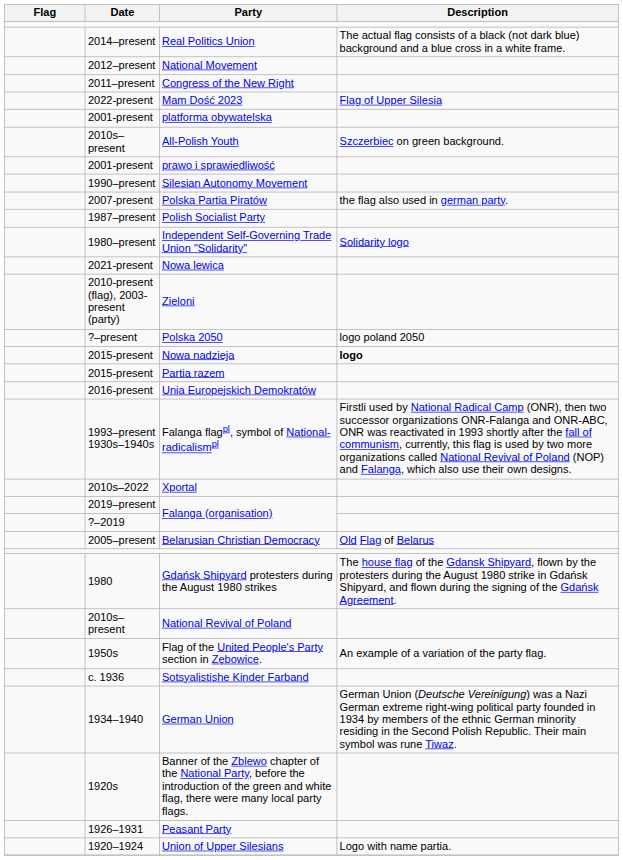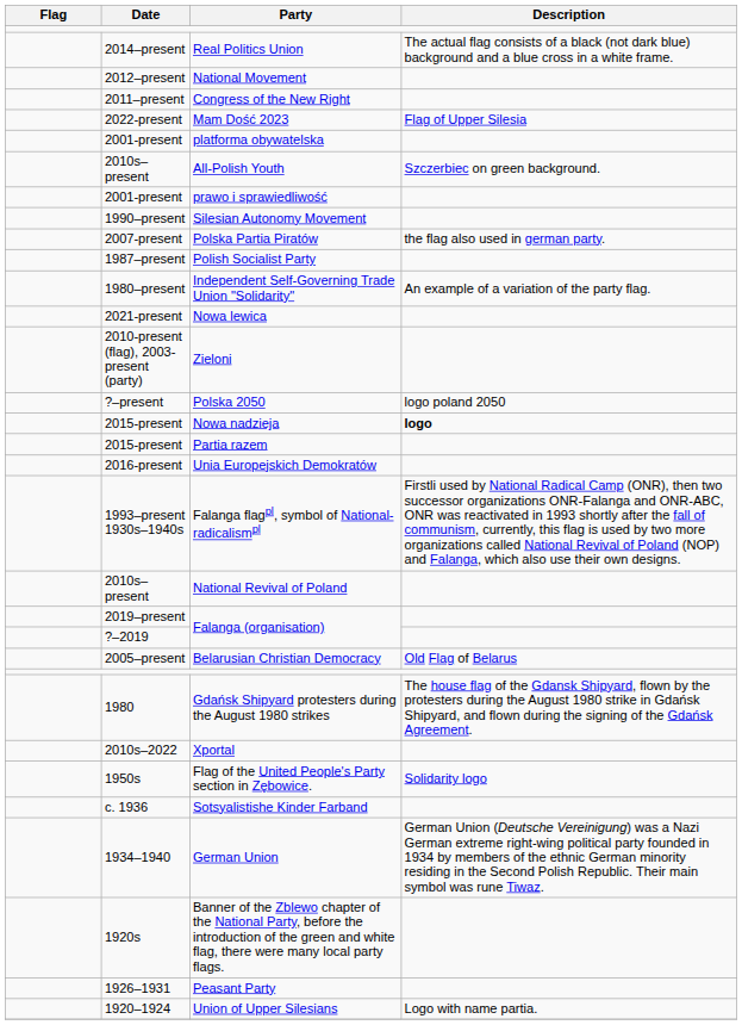 <table class="wikitable" style="background:#f9f9f9">
 <tr>
 <th style="width:110px">Flag</th>
 <th style="width:100px">Date</th>
 <th style="width:250px">Party</th>
 <th style="width:400px">Description</th>
 </tr>
 <tr>
 <td colspan="4"></td>
 </tr>
 <tr>
 <td></td>
 <td>2014–present</td>
 <td><a href='#'>Real Politics Union</a></td>
 <td>The actual flag consists of a black (not dark blue) background and a blue cross in a white frame.</td>
 </tr>
 <tr>
 <td><br></td>
 <td>2012–present</td>
 <td><a href='#'>National Movement</a></td>
 <td></td>
 </tr>
 <tr>
 <td></td>
 <td>2011–present</td>
 <td><a href='#'>Congress of the New Right</a></td>
 <td></td>
 </tr>
 <tr>
 <td></td>
 <td>2022-present</td>
 <td><a href='#'>Mam Dość 2023</a></td>
 <td><a href='#'>Flag of Upper Silesia</a></td>
 </tr>
 <tr>
 <td></td>
 <td>2001-present</td>
 <td><a href='#'>platforma obywatelska</a></td>
 </tr>
 <tr>
 <td></td>
 <td>2010s–present</td>
 <td><a href='#'>All-Polish Youth</a></td>
 <td> <a href='#'>Szczerbiec</a> on green background.</td>
 </tr>
 <tr>
 <td></td>
 <td>2001-present</td>
 <td><a href='#'>prawo i sprawiedliwość</a></td>
 <td></td>
 </tr>
 <tr>
 <td></td>
 <td>1990–present</td>
 <td><a href='#'>Silesian Autonomy Movement</a></td>
 <td></td>
 </tr>
 <tr>
 <td></td>
 <td>2007-present</td>
 <td><a href='#'>Polska Partia Piratów</a></td>
 <td>the flag also used in <a href='#'>german party</a>.</td>
 </tr>
 <tr>
 <td></td>
 <td>1987–present</td>
 <td><a href='#'>Polish Socialist Party</a></td>
 <td></td>
 </tr>
 <tr>
 <td></td>
 <td>1980–present</td>
 <td><a href='#'>Independent  Self-Governing Trade Union "Solidarity"</a></td>
-<td><a href='#'>Solidarity logo</a></td>
+<td>An example of a variation of the party flag.</td>
 </tr>
 <tr>
 <td></td>
 <td>2021-present</td>
 <td><a href='#'>Nowa lewica</a></td>
 <td></td>
 </tr>
 <tr>
 <td></td>
 <td>2010-present (flag), 2003-present (party)</td>
 <td><a href='#'>Zieloni</a></td>
 <td></td>
 </tr>
 <tr>
 <td></td>
 <td>?–present</td>
 <td><a href='#'>Polska 2050</a></td>
 <td>logo poland 2050</td>
 </tr>
 <tr>
 <td></td>
 <td>2015-present</td>
 <td><a href='#'>Nowa nadzieja</a></td>
 <td><strong>logo</strong></td>
 </tr>
 <tr>
 <td></td>
 <td>2015-present</td>
 <td><a href='#'>Partia razem</a></td>
 <td></td>
 </tr>
 <tr>
 <td></td>
 <td>2016-present</td>
 <td><a href='#'>Unia Europejskich Demokratów</a></td>
 <td></td>
 </tr>
 <tr>
 <td></td>
 <td>1993–present<br>1930s–1940s</td>
 <td>Falanga flag<sup><a href='#'>pl</a></sup>, symbol of <a href='#'>National-radicalism</a><sup><a href='#'>pl</a></sup></td>
 <td>Firstli used by <a href='#'>National Radical Camp</a> (ONR), then two successor organizations ONR-Falanga and ONR-ABC, ONR was reactivated in 1993 shortly after the <a href='#'>fall of communism</a>, currently, this flag is used by two more organizations called <a href='#'>National Revival of Poland</a> (NOP) and <a href='#'>Falanga</a>, which also use their own designs.</td>
 </tr>
 <tr>
 <td></td>
-<td>2010s–2022</td>
-<td><a href='#'>Xportal</a></td>
+<td>2010s–present</td>
+<td><a href='#'>National Revival of Poland</a></td>
 <td></td>
 </tr>
 <tr>
 <td></td>
 <td>2019–present</td>
 <td rowspan="2"><a href='#'>Falanga (organisation)</a></td>
 <td></td>
 </tr>
 <tr>
 <td></td>
 <td>?–2019</td>
 <td></td>
 </tr>
 <tr>
 <td></td>
 <td>2005–present</td>
 <td><a href='#'>Belarusian Christian Democracy</a></td>
 <td><a href='#'>Old</a> <a href='#'>Flag</a> of <a href='#'>Belarus</a></td>
 </tr>
 <tr>
 <td colspan="4"></td>
 </tr>
 <tr>
 <td></td>
 <td>1980</td>
 <td><a href='#'>Gdańsk Shipyard</a> protesters during the August 1980 strikes</td>
 <td>The <a href='#'>house flag</a> of the <a href='#'>Gdansk Shipyard</a>, flown by the protesters during the August 1980 strike in Gdańsk Shipyard, and flown during the signing of the <a href='#'>Gdańsk Agreement</a>.</td>
 </tr>
 <tr>
 <td></td>
-<td>2010s–present</td>
-<td><a href='#'>National Revival of Poland</a></td>
+<td>2010s–2022</td>
+<td><a href='#'>Xportal</a></td>
 <td></td>
 </tr>
 <tr>
 <td></td>
 <td>1950s</td>
 <td>Flag of the <a href='#'>United People's Party</a> section in <a href='#'>Zębowice</a>.</td>
-<td>An example of a variation of the party flag.</td>
+<td><a href='#'>Solidarity logo</a></td>
 </tr>
 <tr>
 <td></td>
 <td>c. 1936</td>
 <td><a href='#'>Sotsyalistishe Kinder Farband</a></td>
 <td></td>
 </tr>
 <tr>
 <td></td>
 <td>1934–1940</td>
 <td><a href='#'>German Union</a></td>
 <td> German Union (<em>Deutsche Vereinigung</em>) was a Nazi German extreme right-wing political party founded in 1934 by members of the ethnic German minority residing in the Second Polish Republic. Their main symbol was rune <a href='#'>Tiwaz</a>.</td>
 </tr>
 <tr>
 <td></td>
 <td>1920s</td>
 <td>Banner of the <a href='#'>Zblewo</a> chapter of the <a href='#'>National Party</a>, before the introduction of the green and white flag, there were many local party flags.</td>
 <td></td>
 </tr>
 <tr>
 <td></td>
 <td>1926–1931</td>
 <td><a href='#'>Peasant Party</a></td>
 <td></td>
 </tr>
 <tr>
 <td></td>
 <td>1920–1924</td>
 <td><a href='#'>Union of Upper Silesians</a></td>
 <td>Logo with name partia.</td>
 </tr>
 <tr>
 </tr>
 </table>
